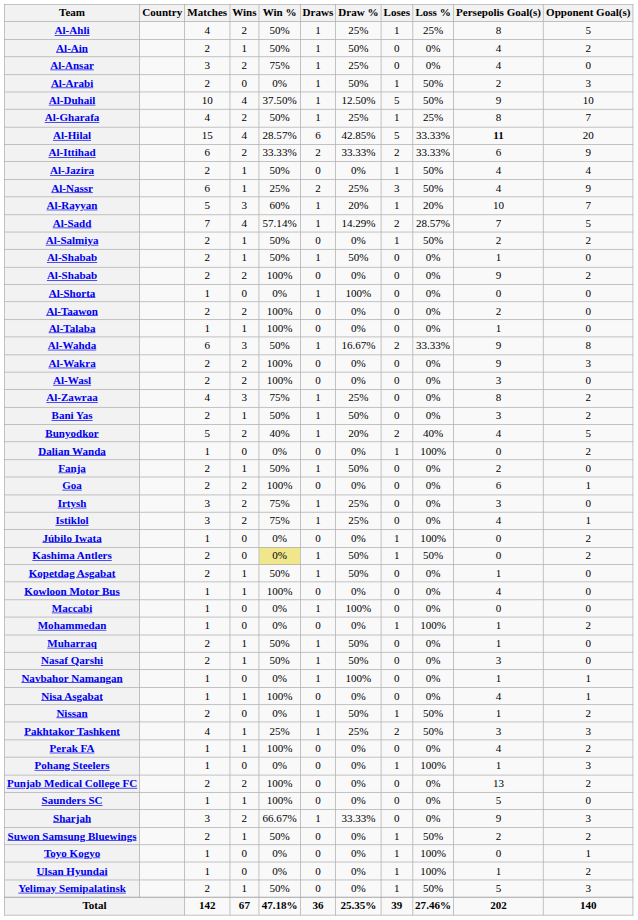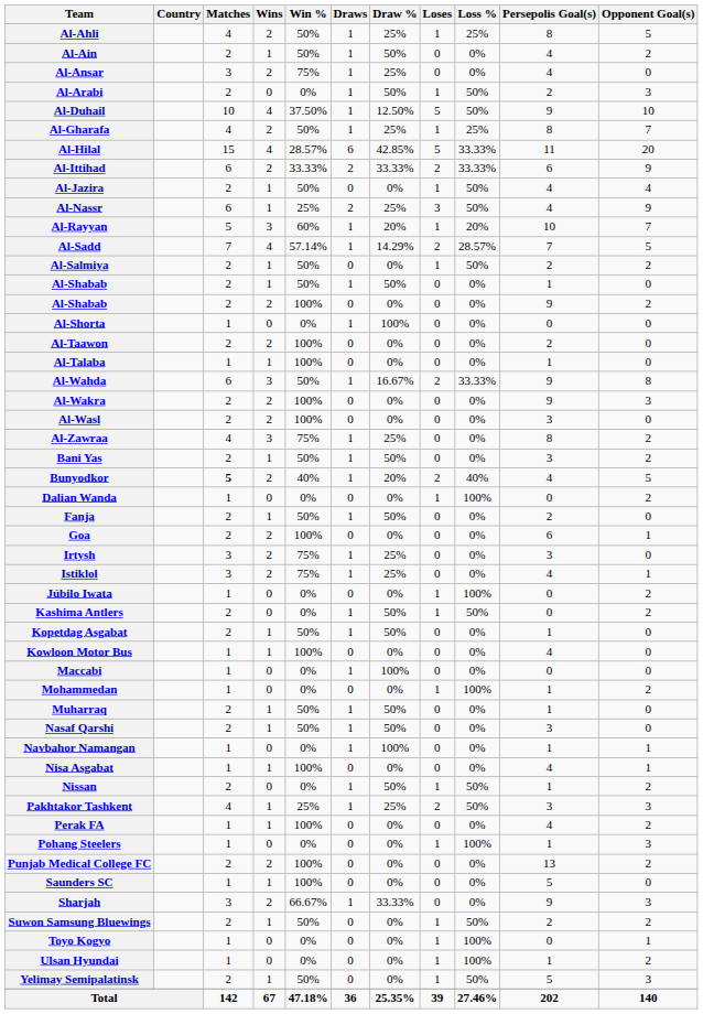 <table class="wikitable sortable" style="text-align: center;">
 <tr>
 <th>Team</th>
 <th>Country</th>
 <th>Matches</th>
 <th>Wins</th>
 <th>Win %</th>
 <th>Draws</th>
 <th>Draw %</th>
 <th>Loses</th>
 <th>Loss %</th>
 <th>Persepolis Goal(s)</th>
 <th>Opponent Goal(s)</th>
 </tr>
 <tr>
 <th><a href='#'>Al-Ahli</a></th>
 <td></td>
 <td>4</td>
 <td>2</td>
 <td>50%</td>
 <td>1</td>
 <td>25%</td>
 <td>1</td>
 <td>25%</td>
 <td>8</td>
 <td>5</td>
 </tr>
 <tr>
 <th><a href='#'>Al-Ain</a></th>
 <td></td>
 <td>2</td>
 <td>1</td>
 <td>50%</td>
 <td>1</td>
 <td>50%</td>
 <td>0</td>
 <td>0%</td>
 <td>4</td>
 <td>2</td>
 </tr>
 <tr>
 <th><a href='#'>Al-Ansar</a></th>
 <td></td>
 <td>3</td>
 <td>2</td>
 <td>75%</td>
 <td>1</td>
 <td>25%</td>
 <td>0</td>
 <td>0%</td>
 <td>4</td>
 <td>0</td>
 </tr>
 <tr>
 <th><a href='#'>Al-Arabi</a></th>
 <td></td>
 <td>2</td>
 <td>0</td>
 <td>0%</td>
 <td>1</td>
 <td>50%</td>
 <td>1</td>
 <td>50%</td>
 <td>2</td>
 <td>3</td>
 </tr>
 <tr>
 <th><a href='#'>Al-Duhail</a></th>
 <td></td>
 <td>10</td>
 <td>4</td>
 <td>37.50%</td>
 <td>1</td>
 <td>12.50%</td>
 <td>5</td>
 <td>50%</td>
 <td>9</td>
 <td>10</td>
 </tr>
 <tr>
 <th><a href='#'>Al-Gharafa</a></th>
 <td></td>
 <td>4</td>
 <td>2</td>
 <td>50%</td>
 <td>1</td>
 <td>25%</td>
 <td>1</td>
 <td>25%</td>
 <td>8</td>
 <td>7</td>
 </tr>
 <tr>
 <th><a href='#'>Al-Hilal</a></th>
 <td></td>
 <td>15</td>
 <td>4</td>
 <td>28.57%</td>
 <td>6</td>
 <td>42.85%</td>
 <td>5</td>
 <td>33.33%</td>
-<td><strong>11</strong></td>
+<td>11</td>
 <td>20</td>
 </tr>
 <tr>
 <th><a href='#'>Al-Ittihad</a></th>
 <td></td>
 <td>6</td>
 <td>2</td>
 <td>33.33%</td>
 <td>2</td>
 <td>33.33%</td>
 <td>2</td>
 <td>33.33%</td>
 <td>6</td>
 <td>9</td>
 </tr>
 <tr>
 <th><a href='#'>Al-Jazira</a></th>
 <td></td>
 <td>2</td>
 <td>1</td>
 <td>50%</td>
 <td>0</td>
 <td>0%</td>
 <td>1</td>
 <td>50%</td>
 <td>4</td>
 <td>4</td>
 </tr>
 <tr>
 <th><a href='#'>Al-Nassr</a></th>
 <td></td>
 <td>6</td>
 <td>1</td>
 <td>25%</td>
 <td>2</td>
 <td>25%</td>
 <td>3</td>
 <td>50%</td>
 <td>4</td>
 <td>9</td>
 </tr>
 <tr>
 <th><a href='#'>Al-Rayyan</a></th>
 <td></td>
 <td>5</td>
 <td>3</td>
 <td>60%</td>
 <td>1</td>
 <td>20%</td>
 <td>1</td>
 <td>20%</td>
 <td>10</td>
 <td>7</td>
 </tr>
 <tr>
 <th><a href='#'>Al-Sadd</a></th>
 <td></td>
 <td>7</td>
 <td>4</td>
 <td>57.14%</td>
 <td>1</td>
 <td>14.29%</td>
 <td>2</td>
 <td>28.57%</td>
 <td>7</td>
 <td>5</td>
 </tr>
 <tr>
 <th><a href='#'>Al-Salmiya</a></th>
 <td></td>
 <td>2</td>
 <td>1</td>
 <td>50%</td>
 <td>0</td>
 <td>0%</td>
 <td>1</td>
 <td>50%</td>
 <td>2</td>
 <td>2</td>
 </tr>
 <tr>
 <th><a href='#'>Al-Shabab</a></th>
 <td></td>
 <td>2</td>
 <td>1</td>
 <td>50%</td>
 <td>1</td>
 <td>50%</td>
 <td>0</td>
 <td>0%</td>
 <td>1</td>
 <td>0</td>
 </tr>
 <tr>
 <th><a href='#'>Al-Shabab</a></th>
 <td></td>
 <td>2</td>
 <td>2</td>
 <td>100%</td>
 <td>0</td>
 <td>0%</td>
 <td>0</td>
 <td>0%</td>
 <td>9</td>
 <td>2</td>
 </tr>
 <tr>
 <th><a href='#'>Al-Shorta</a></th>
 <td></td>
 <td>1</td>
 <td>0</td>
 <td>0%</td>
 <td>1</td>
 <td>100%</td>
 <td>0</td>
 <td>0%</td>
 <td>0</td>
 <td>0</td>
 </tr>
 <tr>
 <th><a href='#'>Al-Taawon</a></th>
 <td></td>
 <td>2</td>
 <td>2</td>
 <td>100%</td>
 <td>0</td>
 <td>0%</td>
 <td>0</td>
 <td>0%</td>
 <td>2</td>
 <td>0</td>
 </tr>
 <tr>
 <th><a href='#'>Al-Talaba</a></th>
 <td></td>
 <td>1</td>
 <td>1</td>
 <td>100%</td>
 <td>0</td>
 <td>0%</td>
 <td>0</td>
 <td>0%</td>
 <td>1</td>
 <td>0</td>
 </tr>
 <tr>
 <th><a href='#'>Al-Wahda</a></th>
 <td></td>
 <td>6</td>
 <td>3</td>
 <td>50%</td>
 <td>1</td>
 <td>16.67%</td>
 <td>2</td>
 <td>33.33%</td>
 <td>9</td>
 <td>8</td>
 </tr>
 <tr>
 <th><a href='#'>Al-Wakra</a></th>
 <td></td>
 <td>2</td>
 <td>2</td>
 <td>100%</td>
 <td>0</td>
 <td>0%</td>
 <td>0</td>
 <td>0%</td>
 <td>9</td>
 <td>3</td>
 </tr>
 <tr>
 <th><a href='#'>Al-Wasl</a></th>
 <td></td>
 <td>2</td>
 <td>2</td>
 <td>100%</td>
 <td>0</td>
 <td>0%</td>
 <td>0</td>
 <td>0%</td>
 <td>3</td>
 <td>0</td>
 </tr>
 <tr>
 <th><a href='#'>Al-Zawraa</a></th>
 <td></td>
 <td>4</td>
 <td>3</td>
 <td>75%</td>
 <td>1</td>
 <td>25%</td>
 <td>0</td>
 <td>0%</td>
 <td>8</td>
 <td>2</td>
 </tr>
 <tr>
 <th><a href='#'>Bani Yas</a></th>
 <td></td>
 <td>2</td>
 <td>1</td>
 <td>50%</td>
 <td>1</td>
 <td>50%</td>
 <td>0</td>
 <td>0%</td>
 <td>3</td>
 <td>2</td>
 </tr>
 <tr>
 <th><a href='#'>Bunyodkor</a></th>
 <td></td>
-<td>5</td>
+<td><strong>5</strong></td>
 <td>2</td>
 <td>40%</td>
 <td>1</td>
 <td>20%</td>
 <td>2</td>
 <td>40%</td>
 <td>4</td>
 <td>5</td>
 </tr>
 <tr>
 <th><a href='#'>Dalian Wanda</a></th>
 <td></td>
 <td>1</td>
 <td>0</td>
 <td>0%</td>
 <td>0</td>
 <td>0%</td>
 <td>1</td>
 <td>100%</td>
 <td>0</td>
 <td>2</td>
 </tr>
 <tr>
 <th><a href='#'>Fanja</a></th>
 <td></td>
 <td>2</td>
 <td>1</td>
 <td>50%</td>
 <td>1</td>
 <td>50%</td>
 <td>0</td>
 <td>0%</td>
 <td>2</td>
 <td>0</td>
 </tr>
 <tr>
 <th><a href='#'>Goa</a></th>
 <td></td>
 <td>2</td>
 <td>2</td>
 <td>100%</td>
 <td>0</td>
 <td>0%</td>
 <td>0</td>
 <td>0%</td>
 <td>6</td>
 <td>1</td>
 </tr>
 <tr>
 <th><a href='#'>Irtysh</a></th>
 <td></td>
 <td>3</td>
 <td>2</td>
 <td>75%</td>
 <td>1</td>
 <td>25%</td>
 <td>0</td>
 <td>0%</td>
 <td>3</td>
 <td>0</td>
 </tr>
 <tr>
 <th><a href='#'>Istiklol</a></th>
 <td></td>
 <td>3</td>
 <td>2</td>
 <td>75%</td>
 <td>1</td>
 <td>25%</td>
 <td>0</td>
 <td>0%</td>
 <td>4</td>
 <td>1</td>
 </tr>
 <tr>
 <th><a href='#'>Júbilo Iwata</a></th>
 <td></td>
 <td>1</td>
 <td>0</td>
 <td>0%</td>
 <td>0</td>
 <td>0%</td>
 <td>1</td>
 <td>100%</td>
 <td>0</td>
 <td>2</td>
 </tr>
 <tr>
 <th><a href='#'>Kashima Antlers</a></th>
 <td></td>
 <td>2</td>
 <td>0</td>
-<td style="background: khaki;">0%</td>
+<td>0%</td>
 <td>1</td>
 <td>50%</td>
 <td>1</td>
 <td>50%</td>
 <td>0</td>
 <td>2</td>
 </tr>
 <tr>
 <th><a href='#'>Kopetdag Asgabat</a></th>
 <td></td>
 <td>2</td>
 <td>1</td>
 <td>50%</td>
 <td>1</td>
 <td>50%</td>
 <td>0</td>
 <td>0%</td>
 <td>1</td>
 <td>0</td>
 </tr>
 <tr>
 <th><a href='#'>Kowloon Motor Bus</a></th>
 <td></td>
 <td>1</td>
 <td>1</td>
 <td>100%</td>
 <td>0</td>
 <td>0%</td>
 <td>0</td>
 <td>0%</td>
 <td>4</td>
 <td>0</td>
 </tr>
 <tr>
 <th><a href='#'>Maccabi</a></th>
 <td></td>
 <td>1</td>
 <td>0</td>
 <td>0%</td>
 <td>1</td>
 <td>100%</td>
 <td>0</td>
 <td>0%</td>
 <td>0</td>
 <td>0</td>
 </tr>
 <tr>
 <th><a href='#'>Mohammedan</a></th>
 <td></td>
 <td>1</td>
 <td>0</td>
 <td>0%</td>
 <td>0</td>
 <td>0%</td>
 <td>1</td>
 <td>100%</td>
 <td>1</td>
 <td>2</td>
 </tr>
 <tr>
 <th><a href='#'>Muharraq</a></th>
 <td></td>
 <td>2</td>
 <td>1</td>
 <td>50%</td>
 <td>1</td>
 <td>50%</td>
 <td>0</td>
 <td>0%</td>
 <td>1</td>
 <td>0</td>
 </tr>
 <tr>
 <th><a href='#'>Nasaf Qarshi</a></th>
 <td></td>
 <td>2</td>
 <td>1</td>
 <td>50%</td>
 <td>1</td>
 <td>50%</td>
 <td>0</td>
 <td>0%</td>
 <td>3</td>
 <td>0</td>
 </tr>
 <tr>
 <th><a href='#'>Navbahor Namangan</a></th>
 <td></td>
 <td>1</td>
 <td>0</td>
 <td>0%</td>
 <td>1</td>
 <td>100%</td>
 <td>0</td>
 <td>0%</td>
 <td>1</td>
 <td>1</td>
 </tr>
 <tr>
 <th><a href='#'>Nisa Asgabat</a></th>
 <td></td>
 <td>1</td>
 <td>1</td>
 <td>100%</td>
 <td>0</td>
 <td>0%</td>
 <td>0</td>
 <td>0%</td>
 <td>4</td>
 <td>1</td>
 </tr>
 <tr>
 <th><a href='#'>Nissan</a></th>
 <td></td>
 <td>2</td>
 <td>0</td>
 <td>0%</td>
 <td>1</td>
 <td>50%</td>
 <td>1</td>
 <td>50%</td>
 <td>1</td>
 <td>2</td>
 </tr>
 <tr>
 <th><a href='#'>Pakhtakor Tashkent</a></th>
 <td></td>
 <td>4</td>
 <td>1</td>
 <td>25%</td>
 <td>1</td>
 <td>25%</td>
 <td>2</td>
 <td>50%</td>
 <td>3</td>
 <td>3</td>
 </tr>
 <tr>
 <th><a href='#'>Perak FA</a></th>
 <td></td>
 <td>1</td>
 <td>1</td>
 <td>100%</td>
 <td>0</td>
 <td>0%</td>
 <td>0</td>
 <td>0%</td>
 <td>4</td>
 <td>2</td>
 </tr>
 <tr>
 <th><a href='#'>Pohang Steelers</a></th>
 <td></td>
 <td>1</td>
 <td>0</td>
 <td>0%</td>
 <td>0</td>
 <td>0%</td>
 <td>1</td>
 <td>100%</td>
 <td>1</td>
 <td>3</td>
 </tr>
 <tr>
 <th><a href='#'>Punjab Medical College FC</a></th>
 <td></td>
 <td>2</td>
 <td>2</td>
 <td>100%</td>
 <td>0</td>
 <td>0%</td>
 <td>0</td>
 <td>0%</td>
 <td>13</td>
 <td>2</td>
 </tr>
 <tr>
 <th><a href='#'>Saunders SC</a></th>
 <td></td>
 <td>1</td>
 <td>1</td>
 <td>100%</td>
 <td>0</td>
 <td>0%</td>
 <td>0</td>
 <td>0%</td>
 <td>5</td>
 <td>0</td>
 </tr>
 <tr>
 <th><a href='#'>Sharjah</a></th>
 <td></td>
 <td>3</td>
 <td>2</td>
 <td>66.67%</td>
 <td>1</td>
 <td>33.33%</td>
 <td>0</td>
 <td>0%</td>
 <td>9</td>
 <td>3</td>
 </tr>
 <tr>
 <th><a href='#'>Suwon Samsung Bluewings</a></th>
 <td></td>
 <td>2</td>
 <td>1</td>
 <td>50%</td>
 <td>0</td>
 <td>0%</td>
 <td>1</td>
 <td>50%</td>
 <td>2</td>
 <td>2</td>
 </tr>
 <tr>
 <th><a href='#'>Toyo Kogyo</a></th>
 <td></td>
 <td>1</td>
 <td>0</td>
 <td>0%</td>
 <td>0</td>
 <td>0%</td>
 <td>1</td>
 <td>100%</td>
 <td>0</td>
 <td>1</td>
 </tr>
 <tr>
 <th><a href='#'>Ulsan Hyundai</a></th>
 <td></td>
 <td>1</td>
 <td>0</td>
 <td>0%</td>
 <td>0</td>
 <td>0%</td>
 <td>1</td>
 <td>100%</td>
 <td>1</td>
 <td>2</td>
 </tr>
 <tr>
 <th><a href='#'>Yelimay Semipalatinsk</a></th>
 <td></td>
 <td>2</td>
 <td>1</td>
 <td>50%</td>
 <td>0</td>
 <td>0%</td>
 <td>1</td>
 <td>50%</td>
 <td>5</td>
 <td>3</td>
 </tr>
 <tr>
 </tr>
 <tr class="sortbottom">
 <th colspan="2">Total</th>
 <td><strong>142</strong></td>
 <td><strong>67</strong></td>
 <td><strong>47.18%</strong></td>
 <td><strong>36</strong></td>
 <td><strong>25.35%</strong></td>
 <td><strong>39</strong></td>
 <td><strong>27.46%</strong></td>
 <td><strong>202</strong></td>
 <td><strong>140</strong></td>
 </tr>
 </table>
